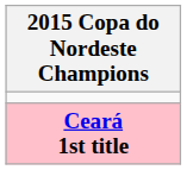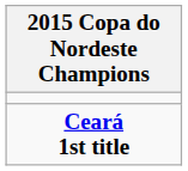 <table class="wikitable" style="text-align: center; margin: 0 auto; width: 20%">
 <tr>
 <th>2015 Copa do Nordeste<br>Champions</th>
 </tr>
 <tr>
 <td></td>
 </tr>
 <tr>
-<td style="background: pink;"><strong><a href='#'>Ceará</a></strong><br><strong>1st title</strong></td>
+<td><strong><a href='#'>Ceará</a></strong><br><strong>1st title</strong></td>
 </tr>
 </table>
